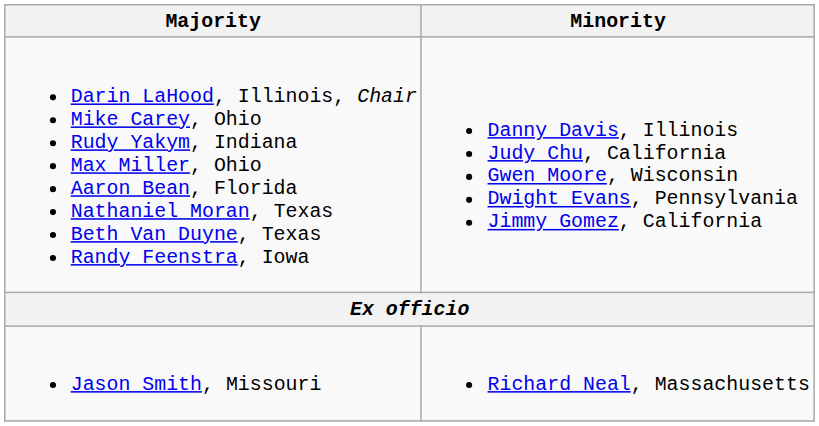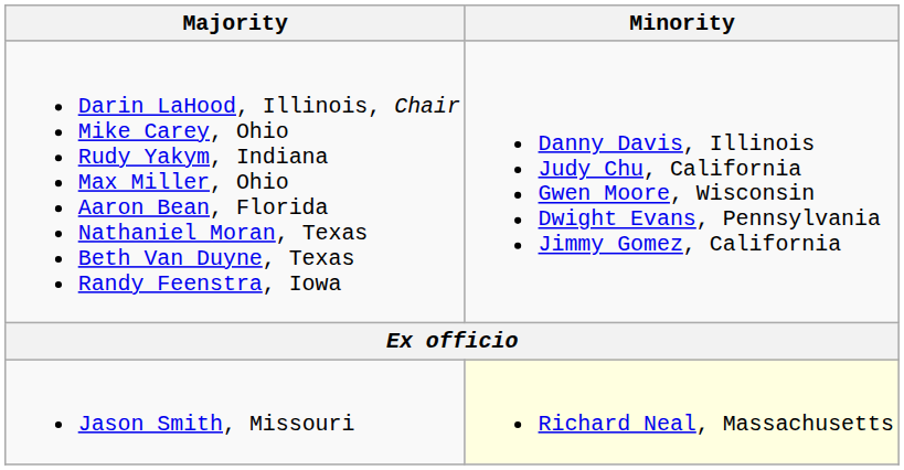 <table class=wikitable>
 <tr>
 <th>Majority</th>
 <th>Minority</th>
 </tr>
 <tr>
 <td><br><ul><li><a href='#'>Darin LaHood</a>, Illinois, <em>Chair</em></li><li><a href='#'>Mike Carey</a>, Ohio</li><li><a href='#'>Rudy Yakym</a>, Indiana</li><li><a href='#'>Max Miller</a>, Ohio</li><li><a href='#'>Aaron Bean</a>, Florida</li><li><a href='#'>Nathaniel Moran</a>, Texas</li><li><a href='#'>Beth Van Duyne</a>, Texas</li><li><a href='#'>Randy Feenstra</a>, Iowa</li></ul></td>
 <td><br><ul><li><a href='#'>Danny Davis</a>, Illinois</li><li><a href='#'>Judy Chu</a>, California</li><li><a href='#'>Gwen Moore</a>, Wisconsin</li><li><a href='#'>Dwight Evans</a>, Pennsylvania</li><li><a href='#'>Jimmy Gomez</a>, California</li></ul></td>
 </tr>
 <tr>
 <th colspan=2><em>Ex officio</em></th>
 </tr>
 <tr>
 <td><br><ul><li><a href='#'>Jason Smith</a>, Missouri</li></ul></td>
-<td><br><ul><li><a href='#'>Richard Neal</a>, Massachusetts</li></ul></td>
+<td style="background: lightyellow;"><br><ul><li><a href='#'>Richard Neal</a>, Massachusetts</li></ul></td>
 </tr>
 </table>
